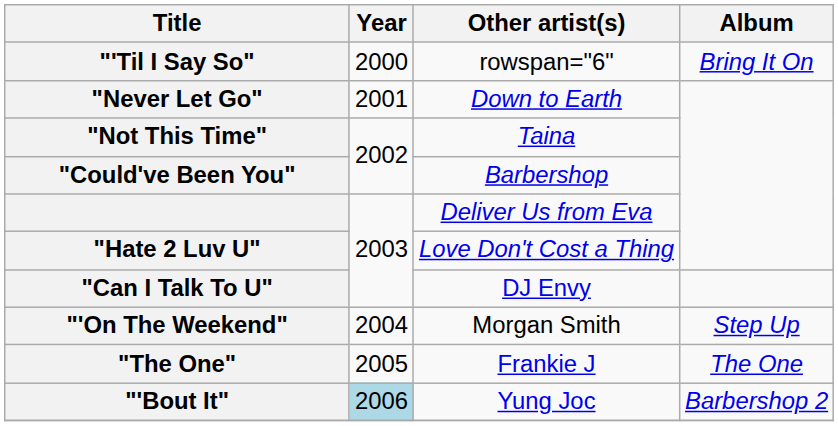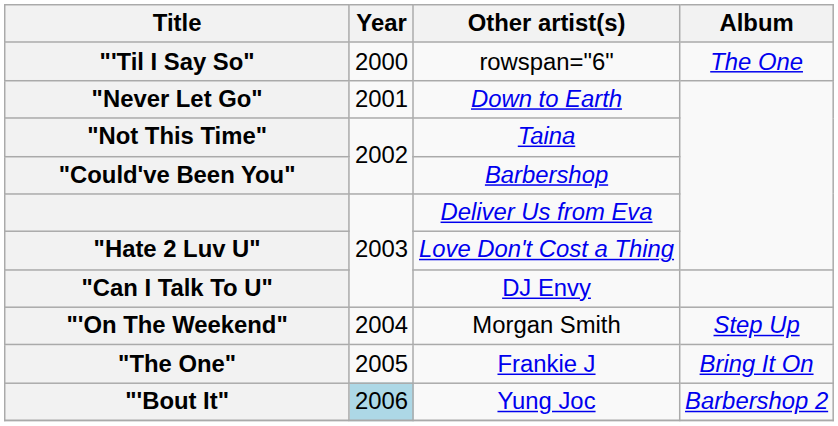 <table class="wikitable plainrowheaders" style="text-align:center;">
 <tr>
 <th scope="col" style="width:14em;">Title</th>
 <th scope="col">Year</th>
 <th scope="col">Other artist(s)</th>
 <th scope="col">Album</th>
 </tr>
 <tr>
 <th scope="row">"'Til I Say So"</th>
 <td>2000</td>
 <td>rowspan="6" </td>
-<td><em><a href='#'>Bring It On</a></em></td>
+<td><em><a href='#'>The One</a></em></td>
 </tr>
 <tr>
 <th scope="row">"Never Let Go"</th>
 <td>2001</td>
 <td><em><a href='#'>Down to Earth</a></em></td>
 </tr>
 <tr>
 <th scope="row">"Not This Time"</th>
 <td rowspan="2">2002</td>
 <td><em><a href='#'>Taina</a></em></td>
 </tr>
 <tr>
 <th scope="row">"Could've Been You"</th>
 <td><em><a href='#'>Barbershop</a></em></td>
 </tr>
 <tr>
 <th scope="row"></th>
 <td rowspan="3">2003</td>
 <td><em><a href='#'>Deliver Us from Eva</a></em></td>
 </tr>
 <tr>
 <th scope="row">"Hate 2 Luv U"</th>
 <td><em><a href='#'>Love Don't Cost a Thing</a></em></td>
 </tr>
 <tr>
 <th scope="row">"Can I Talk To U"</th>
 <td><a href='#'>DJ Envy</a></td>
 <td></td>
 </tr>
 <tr>
 <th scope="row">"'On The Weekend"</th>
 <td>2004</td>
 <td>Morgan Smith</td>
 <td><em><a href='#'>Step Up</a></em></td>
 </tr>
 <tr>
 <th scope="row">"The One"</th>
 <td>2005</td>
 <td><a href='#'>Frankie J</a></td>
-<td><em><a href='#'>The One</a></em></td>
+<td><em><a href='#'>Bring It On</a></em></td>
 </tr>
 <tr>
 <th scope="row">"'Bout It"</th>
 <td style="background: lightblue;">2006</td>
 <td><a href='#'>Yung Joc</a></td>
 <td><em><a href='#'>Barbershop 2</a></em></td>
 </tr>
 <tr>
 </tr>
 </table>
